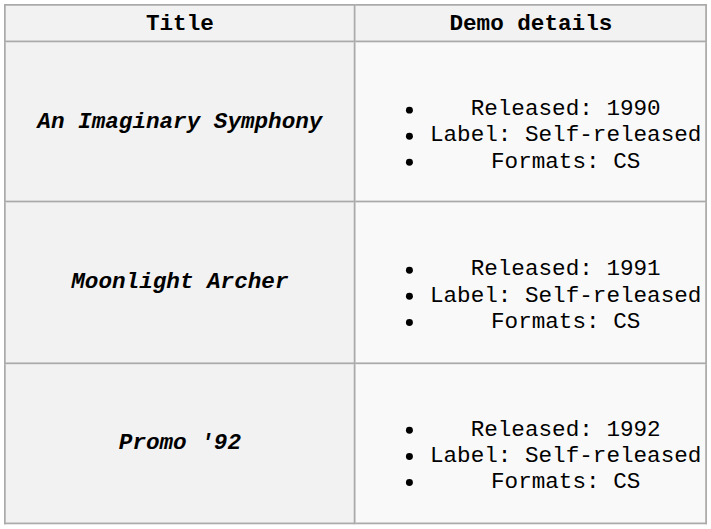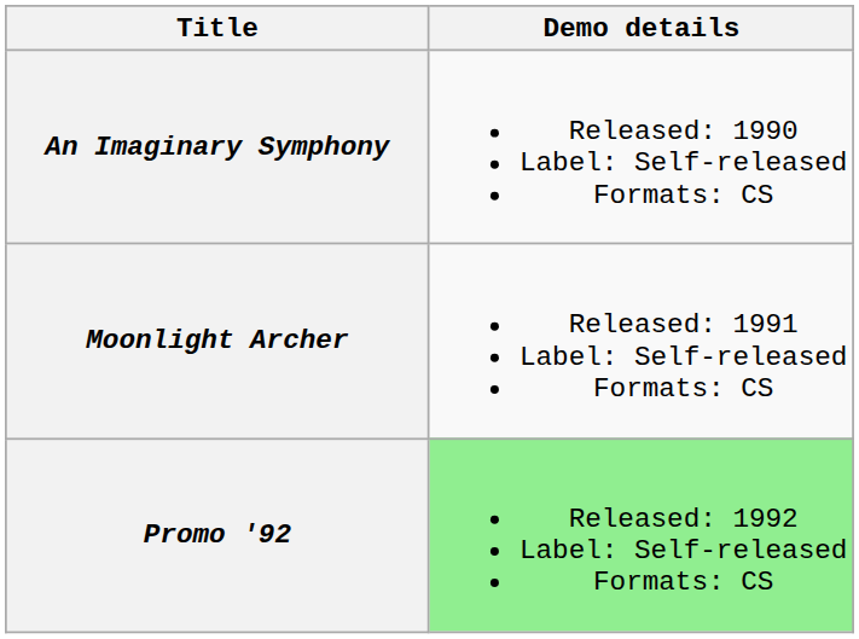 <table class="wikitable plainrowheaders" style="text-align:center;">
 <tr>
 <th scope="col" style="width:15em;">Title</th>
 <th scope="col">Demo details</th>
 </tr>
 <tr>
 <th scope="row"><em>An Imaginary Symphony</em></th>
 <td><br><ul><li>Released: 1990</li><li>Label: Self-released</li><li>Formats: CS</li></ul></td>
 </tr>
 <tr>
 <th scope="row"><em>Moonlight Archer</em></th>
 <td><br><ul><li>Released: 1991</li><li>Label: Self-released</li><li>Formats: CS</li></ul></td>
 </tr>
 <tr>
 <th scope="row"><em>Promo '92</em></th>
-<td><br><ul><li>Released: 1992</li><li>Label: Self-released</li><li>Formats: CS</li></ul></td>
+<td style="background: lightgreen;"><br><ul><li>Released: 1992</li><li>Label: Self-released</li><li>Formats: CS</li></ul></td>
 </tr>
 </table>
